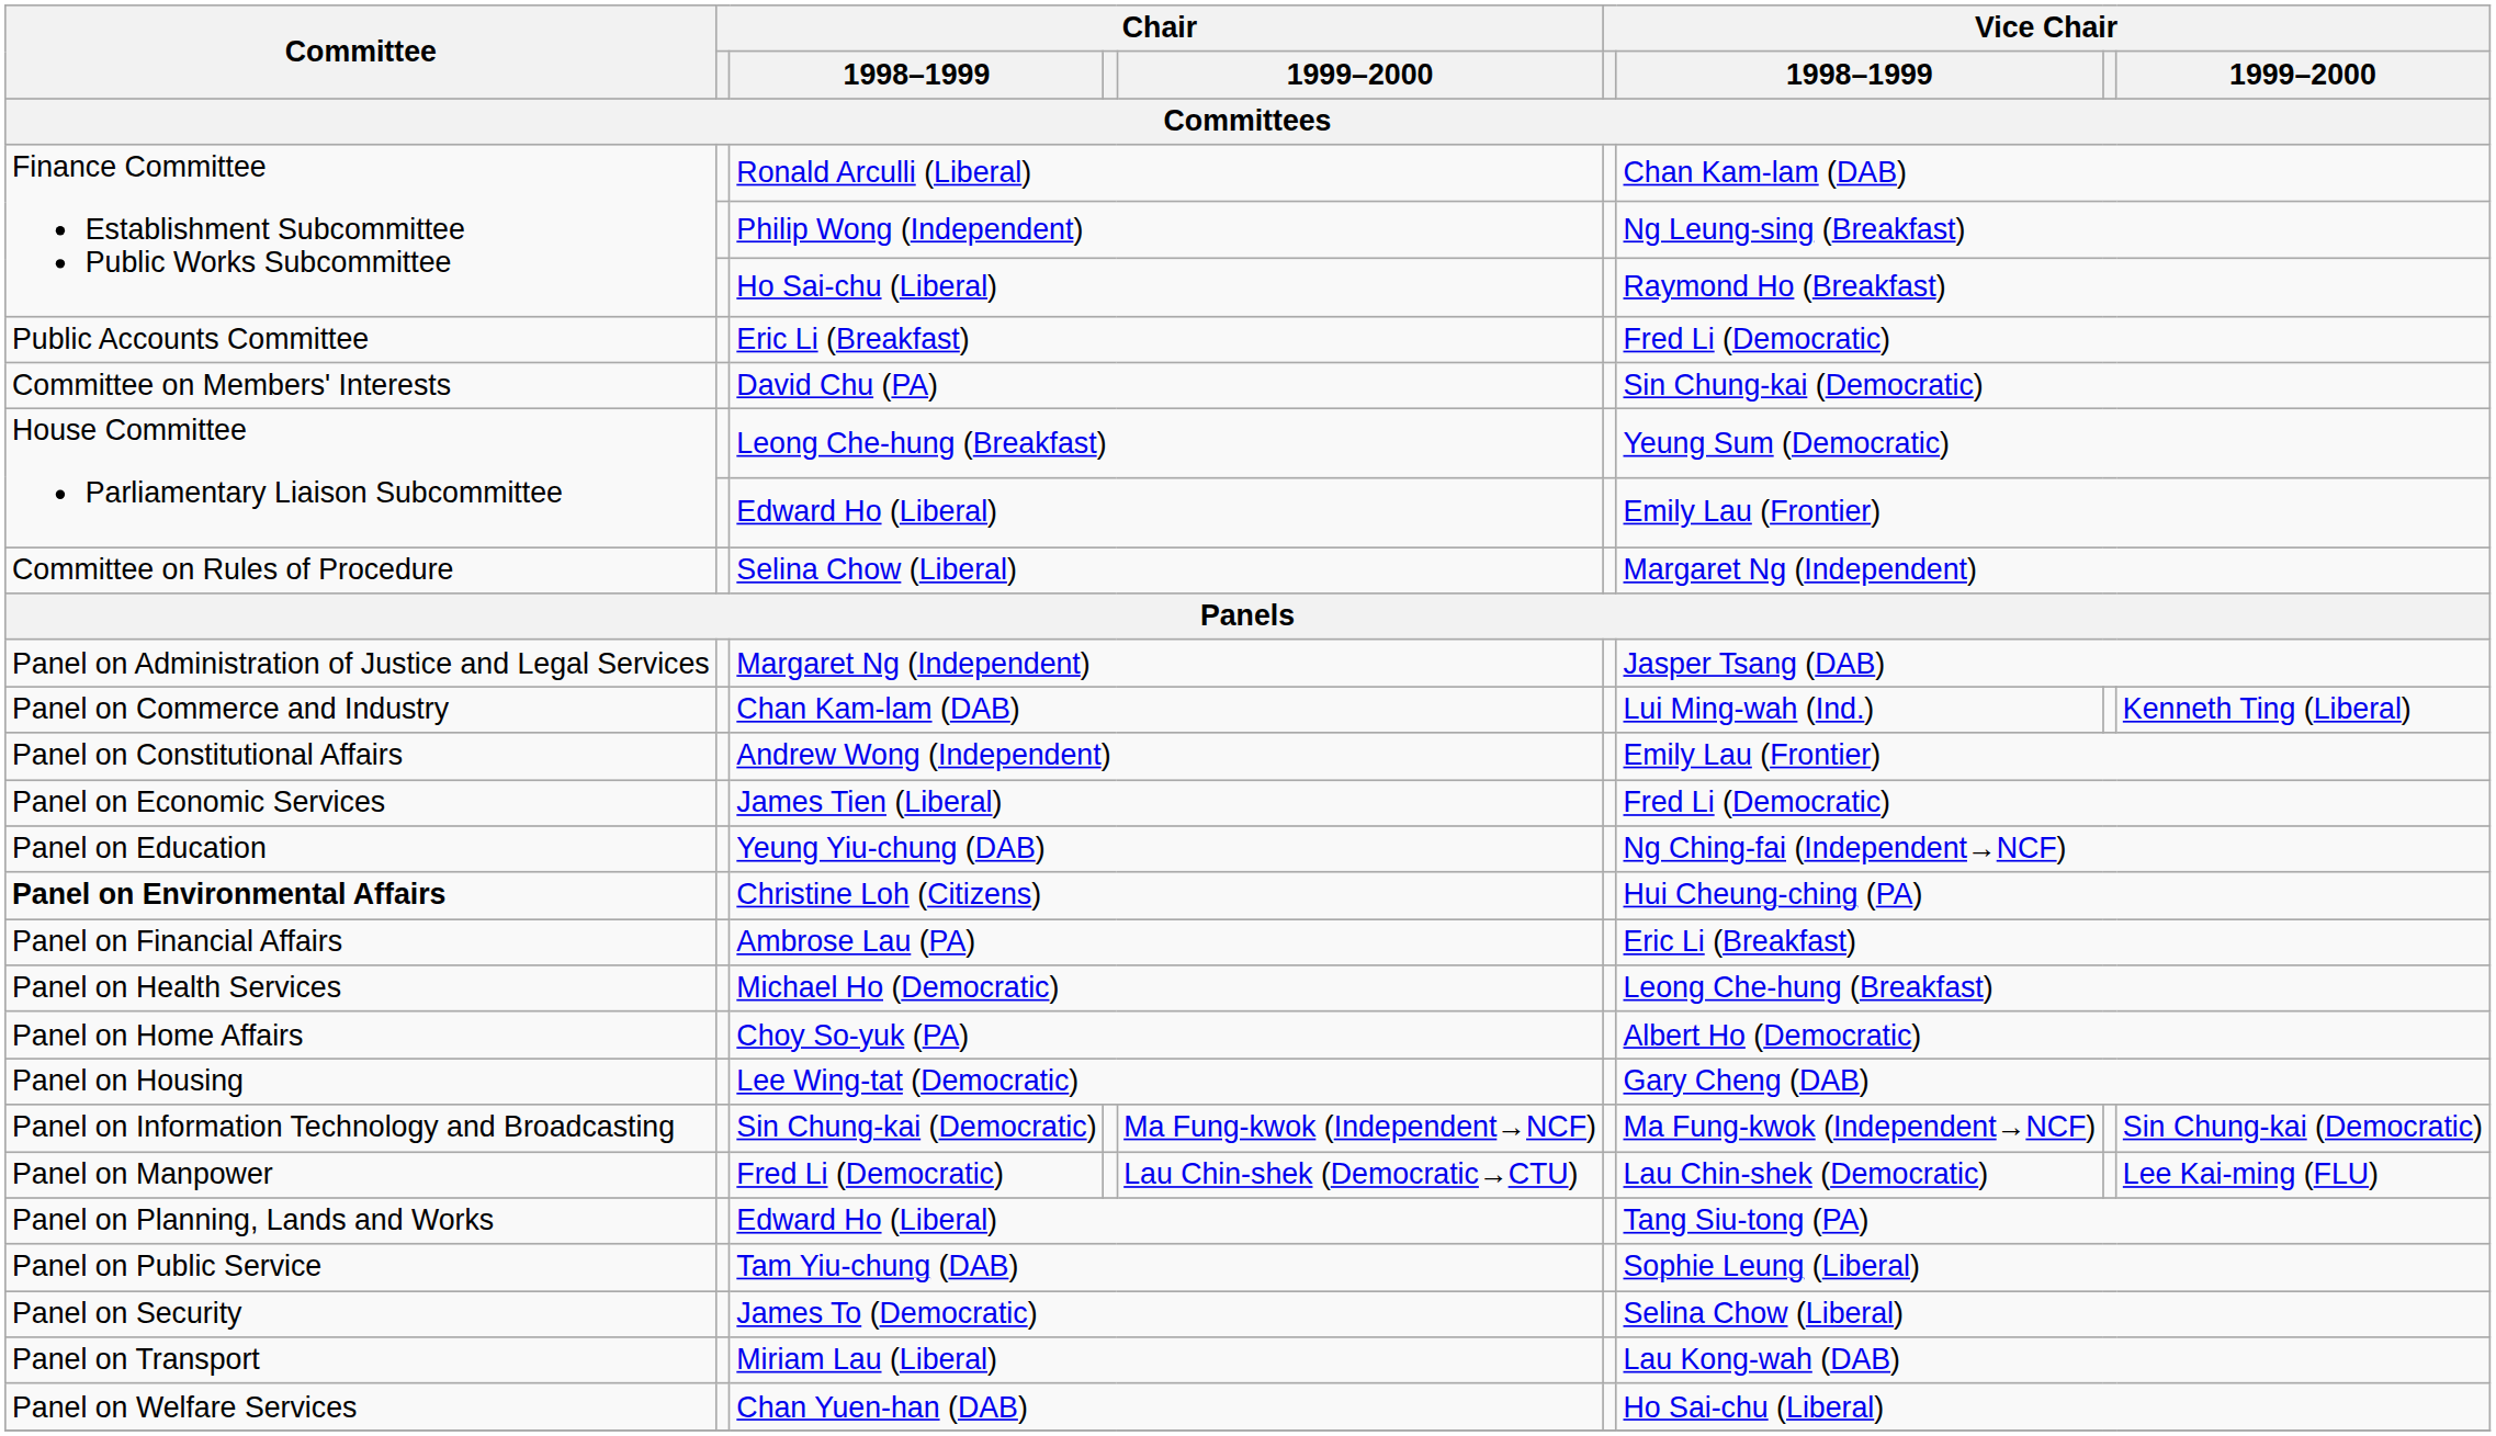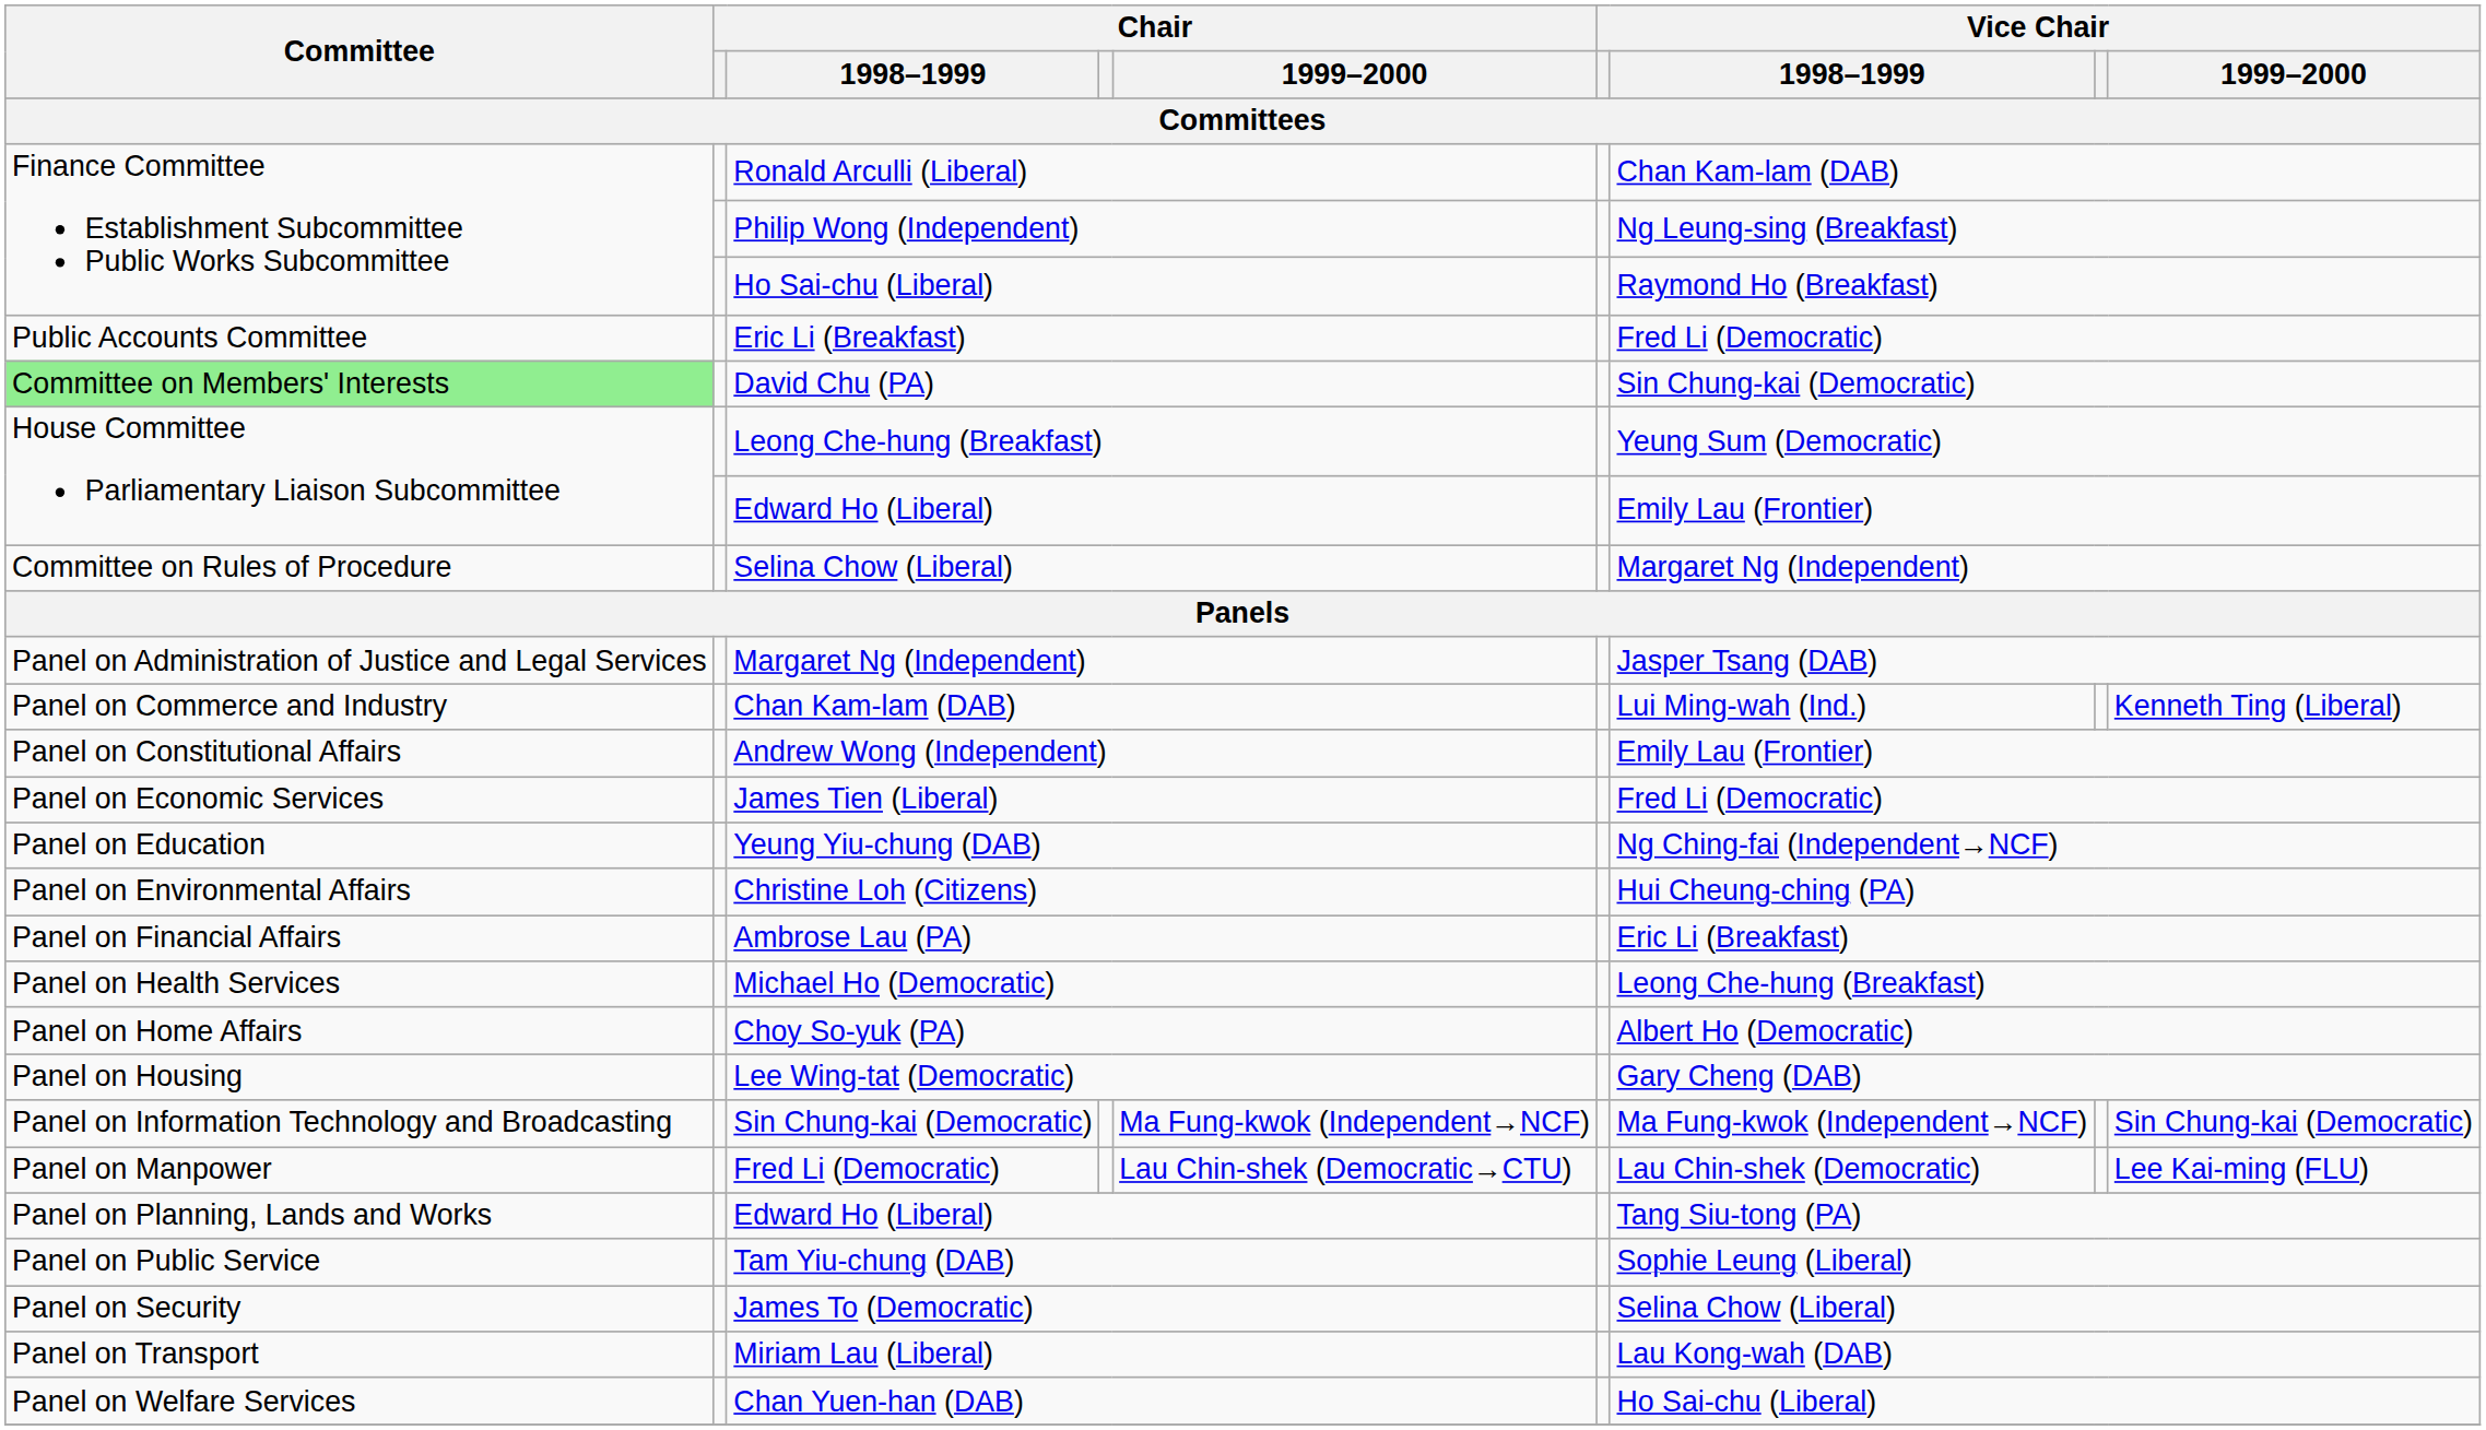 <table class=wikitable>
 <tr>
 <th rowspan=2>Committee</th>
 <th colspan=4>Chair</th>
 <th colspan=4>Vice Chair</th>
 </tr>
 <tr>
 <th></th>
 <th>1998–1999</th>
 <th></th>
 <th>1999–2000</th>
 <th></th>
 <th>1998–1999</th>
 <th></th>
 <th>1999–2000</th>
 </tr>
 <tr>
 <th colspan=9>Committees</th>
 </tr>
 <tr>
 <td rowspan=3>Finance Committee<br><ul><li>Establishment Subcommittee</li><li>Public Works Subcommittee</li></ul></td>
 <td style="color:inherit;background:"></td>
 <td colspan=3><a href='#'>Ronald Arculli</a> (<a href='#'>Liberal</a>)</td>
 <td style="color:inherit;background:"></td>
 <td colspan=3><a href='#'>Chan Kam-lam</a> (<a href='#'>DAB</a>)</td>
 </tr>
 <tr>
 <td style="color:inherit;background:"></td>
 <td colspan=3><a href='#'>Philip Wong</a> (<a href='#'>Independent</a>)</td>
 <td style="color:inherit;background:"></td>
 <td colspan=3><a href='#'>Ng Leung-sing</a> (<a href='#'>Breakfast</a>)</td>
 </tr>
 <tr>
 <td style="color:inherit;background:"></td>
 <td colspan=3><a href='#'>Ho Sai-chu</a> (<a href='#'>Liberal</a>)</td>
 <td style="color:inherit;background:"></td>
 <td colspan=3><a href='#'>Raymond Ho</a> (<a href='#'>Breakfast</a>)</td>
 </tr>
 <tr>
 <td>Public Accounts Committee</td>
 <td style="color:inherit;background:"></td>
 <td colspan=3><a href='#'>Eric Li</a> (<a href='#'>Breakfast</a>)</td>
 <td style="color:inherit;background:"></td>
 <td colspan=3><a href='#'>Fred Li</a> (<a href='#'>Democratic</a>)</td>
 </tr>
 <tr>
-<td>Committee on Members' Interests</td>
+<td style="background: lightgreen;">Committee on Members' Interests</td>
 <td style="color:inherit;background:"></td>
 <td colspan=3><a href='#'>David Chu</a> (<a href='#'>PA</a>)</td>
 <td style="color:inherit;background:"></td>
 <td colspan=3><a href='#'>Sin Chung-kai</a> (<a href='#'>Democratic</a>)</td>
 </tr>
 <tr>
 <td rowspan=2>House Committee<br><ul><li>Parliamentary Liaison Subcommittee</li></ul></td>
 <td style="color:inherit;background:"></td>
 <td colspan=3><a href='#'>Leong Che-hung</a> (<a href='#'>Breakfast</a>)</td>
 <td style="color:inherit;background:"></td>
 <td colspan=3><a href='#'>Yeung Sum</a> (<a href='#'>Democratic</a>)</td>
 </tr>
 <tr>
 <td style="color:inherit;background:"></td>
 <td colspan=3><a href='#'>Edward Ho</a> (<a href='#'>Liberal</a>)</td>
 <td style="color:inherit;background:"></td>
 <td colspan=3><a href='#'>Emily Lau</a> (<a href='#'>Frontier</a>)</td>
 </tr>
 <tr>
 <td>Committee on Rules of Procedure</td>
 <td style="color:inherit;background:"></td>
 <td colspan=3><a href='#'>Selina Chow</a> (<a href='#'>Liberal</a>)</td>
 <td style="color:inherit;background:"></td>
 <td colspan=3><a href='#'>Margaret Ng</a> (<a href='#'>Independent</a>)</td>
 </tr>
 <tr>
 <th colspan=9>Panels</th>
 </tr>
 <tr>
 <td>Panel on Administration of Justice and Legal Services</td>
 <td style="color:inherit;background:"></td>
 <td colspan=3><a href='#'>Margaret Ng</a> (<a href='#'>Independent</a>)</td>
 <td style="color:inherit;background:"></td>
 <td colspan=3><a href='#'>Jasper Tsang</a> (<a href='#'>DAB</a>)</td>
 </tr>
 <tr>
 <td>Panel on Commerce and Industry</td>
 <td style="color:inherit;background:"></td>
 <td colspan=3><a href='#'>Chan Kam-lam</a> (<a href='#'>DAB</a>)</td>
 <td style="color:inherit;background:"></td>
 <td><a href='#'>Lui Ming-wah</a> (<a href='#'>Ind.</a>)</td>
 <td></td>
 <td colspan=3><a href='#'>Kenneth Ting</a> (<a href='#'>Liberal</a>)</td>
 </tr>
 <tr>
 <td>Panel on Constitutional Affairs</td>
 <td style="color:inherit;background:"></td>
 <td colspan=3><a href='#'>Andrew Wong</a> (<a href='#'>Independent</a>)</td>
 <td style="color:inherit;background:"></td>
 <td colspan=3><a href='#'>Emily Lau</a> (<a href='#'>Frontier</a>)</td>
 </tr>
 <tr>
 <td>Panel on Economic Services</td>
 <td style="color:inherit;background:"></td>
 <td colspan=3><a href='#'>James Tien</a> (<a href='#'>Liberal</a>)</td>
 <td style="color:inherit;background:"></td>
 <td colspan=3><a href='#'>Fred Li</a> (<a href='#'>Democratic</a>)</td>
 </tr>
 <tr>
 <td>Panel on Education</td>
 <td style="color:inherit;background:"></td>
 <td colspan=3><a href='#'>Yeung Yiu-chung</a> (<a href='#'>DAB</a>)</td>
 <td style="color:inherit;background:"></td>
 <td colspan=3><a href='#'>Ng Ching-fai</a> (<a href='#'>Independent</a>→<a href='#'>NCF</a>)</td>
 </tr>
 <tr>
-<td><strong>Panel on Environmental Affairs</strong></td>
+<td>Panel on Environmental Affairs</td>
 <td style="color:inherit;background:"></td>
 <td colspan=3><a href='#'>Christine Loh</a> (<a href='#'>Citizens</a>)</td>
 <td style="color:inherit;background:"></td>
 <td colspan=3><a href='#'>Hui Cheung-ching</a> (<a href='#'>PA</a>)</td>
 </tr>
 <tr>
 <td>Panel on Financial Affairs</td>
 <td style="color:inherit;background:"></td>
 <td colspan=3><a href='#'>Ambrose Lau</a> (<a href='#'>PA</a>)</td>
 <td style="color:inherit;background:"></td>
 <td colspan=3><a href='#'>Eric Li</a> (<a href='#'>Breakfast</a>)</td>
 </tr>
 <tr>
 <td>Panel on Health Services</td>
 <td style="color:inherit;background:"></td>
 <td colspan=3><a href='#'>Michael Ho</a> (<a href='#'>Democratic</a>)</td>
 <td style="color:inherit;background:"></td>
 <td colspan=3><a href='#'>Leong Che-hung</a> (<a href='#'>Breakfast</a>)</td>
 </tr>
 <tr>
 <td>Panel on Home Affairs</td>
 <td style="color:inherit;background:"></td>
 <td colspan=3><a href='#'>Choy So-yuk</a> (<a href='#'>PA</a>)</td>
 <td style="color:inherit;background:"></td>
 <td colspan=3><a href='#'>Albert Ho</a> (<a href='#'>Democratic</a>)</td>
 </tr>
 <tr>
 <td>Panel on Housing</td>
 <td style="color:inherit;background:"></td>
 <td colspan=3><a href='#'>Lee Wing-tat</a> (<a href='#'>Democratic</a>)</td>
 <td style="color:inherit;background:"></td>
 <td colspan=3><a href='#'>Gary Cheng</a> (<a href='#'>DAB</a>)</td>
 </tr>
 <tr>
 <td>Panel on Information Technology and Broadcasting</td>
 <td style="color:inherit;background:"></td>
 <td><a href='#'>Sin Chung-kai</a> (<a href='#'>Democratic</a>)</td>
 <td></td>
 <td><a href='#'>Ma Fung-kwok</a> (<a href='#'>Independent</a>→<a href='#'>NCF</a>)</td>
 <td style="color:inherit;background:"></td>
 <td><a href='#'>Ma Fung-kwok</a> (<a href='#'>Independent</a>→<a href='#'>NCF</a>)</td>
 <td></td>
 <td><a href='#'>Sin Chung-kai</a> (<a href='#'>Democratic</a>)</td>
 </tr>
 <tr>
 <td>Panel on Manpower</td>
 <td style="color:inherit;background:"></td>
 <td><a href='#'>Fred Li</a> (<a href='#'>Democratic</a>)</td>
 <td></td>
 <td><a href='#'>Lau Chin-shek</a> (<a href='#'>Democratic</a>→<a href='#'>CTU</a>)</td>
 <td style="color:inherit;background:"></td>
 <td><a href='#'>Lau Chin-shek</a> (<a href='#'>Democratic</a>)</td>
 <td></td>
 <td><a href='#'>Lee Kai-ming</a> (<a href='#'>FLU</a>)</td>
 </tr>
 <tr>
 <td>Panel on Planning, Lands and Works</td>
 <td style="color:inherit;background:"></td>
 <td colspan=3><a href='#'>Edward Ho</a> (<a href='#'>Liberal</a>)</td>
 <td style="color:inherit;background:"></td>
 <td colspan=3><a href='#'>Tang Siu-tong</a> (<a href='#'>PA</a>)</td>
 </tr>
 <tr>
 <td>Panel on Public Service</td>
 <td style="color:inherit;background:"></td>
 <td colspan=3><a href='#'>Tam Yiu-chung</a> (<a href='#'>DAB</a>)</td>
 <td style="color:inherit;background:"></td>
 <td colspan=3><a href='#'>Sophie Leung</a> (<a href='#'>Liberal</a>)</td>
 </tr>
 <tr>
 <td>Panel on Security</td>
 <td style="color:inherit;background:"></td>
 <td colspan=3><a href='#'>James To</a> (<a href='#'>Democratic</a>)</td>
 <td style="color:inherit;background:"></td>
 <td colspan=3><a href='#'>Selina Chow</a> (<a href='#'>Liberal</a>)</td>
 </tr>
 <tr>
 <td>Panel on Transport</td>
 <td style="color:inherit;background:"></td>
 <td colspan=3><a href='#'>Miriam Lau</a> (<a href='#'>Liberal</a>)</td>
 <td style="color:inherit;background:"></td>
 <td colspan=3><a href='#'>Lau Kong-wah</a> (<a href='#'>DAB</a>)</td>
 </tr>
 <tr>
 <td>Panel on Welfare Services</td>
 <td style="color:inherit;background:"></td>
 <td colspan=3><a href='#'>Chan Yuen-han</a> (<a href='#'>DAB</a>)</td>
 <td style="color:inherit;background:"></td>
 <td colspan=3><a href='#'>Ho Sai-chu</a> (<a href='#'>Liberal</a>)</td>
 </tr>
 <tr>
 </tr>
 </table>
